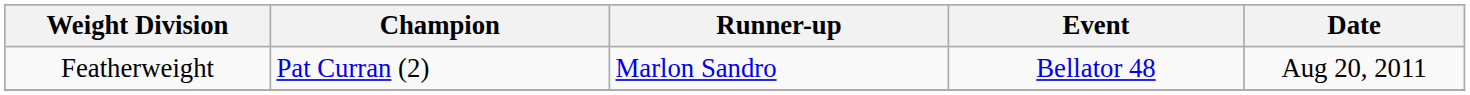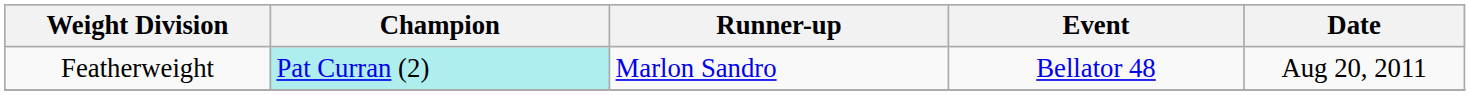 <table class="wikitable" width="99%" style="text-align:center;">
 <tr>
 <th width="18%">Weight Division</th>
 <th width="23%">Champion</th>
 <th width="23%">Runner-up</th>
 <th width="20%">Event</th>
 <th width="15%">Date</th>
 </tr>
 <tr>
 <td>Featherweight</td>
-<td align=left> <a href='#'>Pat Curran</a> (2)</td>
+<td align=left style="background: paleturquoise;"> <a href='#'>Pat Curran</a> (2)</td>
 <td align=left> <a href='#'>Marlon Sandro</a></td>
 <td><a href='#'>Bellator 48</a></td>
 <td>Aug 20, 2011</td>
 </tr>
 <tr>
 </tr>
 </table>
